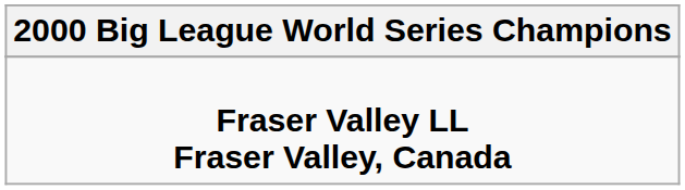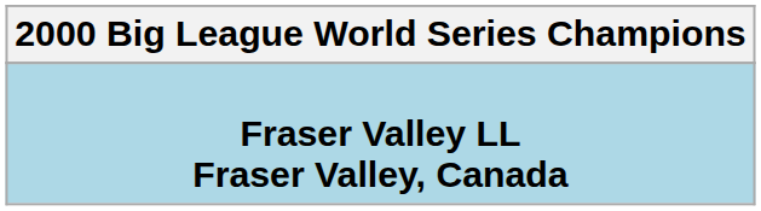 <table class="wikitable" style="text-align: center; margin: 0 auto;">
 <tr>
 <th>2000 Big League World Series Champions</th>
 </tr>
 <tr>
 </tr>
 <tr>
-<td><br><strong>Fraser Valley LL</strong><br> <strong>Fraser Valley, Canada</strong></td>
+<td style="background: lightblue;"><br><strong>Fraser Valley LL</strong><br> <strong>Fraser Valley, Canada</strong></td>
 </tr>
 </table>
